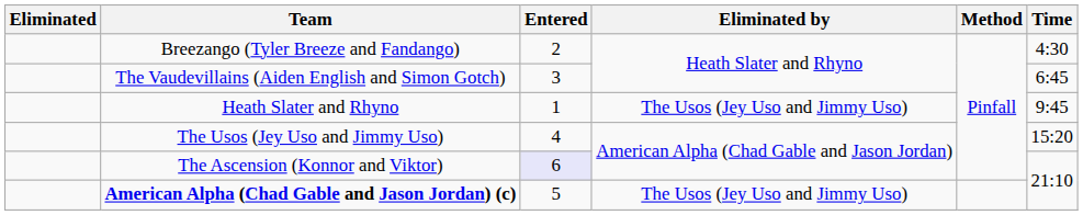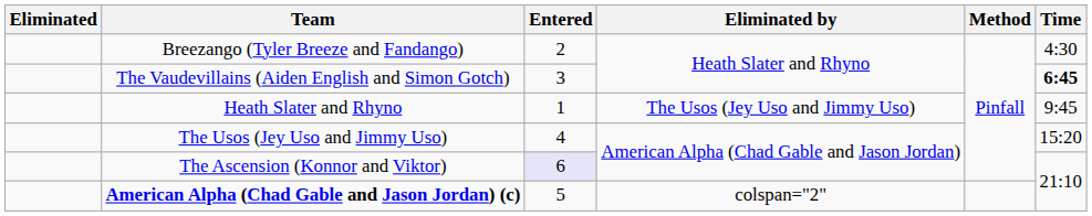 <table class="wikitable sortable" style="text-align:center;">
 <tr>
 <th>Eliminated</th>
 <th>Team</th>
 <th>Entered</th>
 <th>Eliminated by</th>
 <th>Method</th>
 <th>Time</th>
 </tr>
 <tr>
 <td></td>
 <td>Breezango (<a href='#'>Tyler Breeze</a> and <a href='#'>Fandango</a>)</td>
 <td>2</td>
 <td rowspan=2><a href='#'>Heath Slater</a> and <a href='#'>Rhyno</a></td>
 <td rowspan=5><a href='#'>Pinfall</a></td>
 <td>4:30</td>
 </tr>
 <tr>
 <td></td>
 <td><a href='#'>The Vaudevillains</a> (<a href='#'>Aiden English</a> and <a href='#'>Simon Gotch</a>)</td>
 <td>3</td>
-<td>6:45</td>
+<td><strong>6:45</strong></td>
 </tr>
 <tr>
 <td></td>
 <td><a href='#'>Heath Slater</a> and <a href='#'>Rhyno</a></td>
 <td>1</td>
 <td><a href='#'>The Usos</a> (<a href='#'>Jey Uso</a> and <a href='#'>Jimmy Uso</a>)</td>
 <td>9:45</td>
 </tr>
 <tr>
 <td></td>
 <td><a href='#'>The Usos</a> (<a href='#'>Jey Uso</a> and <a href='#'>Jimmy Uso</a>)</td>
 <td>4</td>
 <td rowspan=2><a href='#'>American Alpha</a> (<a href='#'>Chad Gable</a> and <a href='#'>Jason Jordan</a>)</td>
 <td>15:20</td>
 </tr>
 <tr>
 <td></td>
 <td><a href='#'>The Ascension</a> (<a href='#'>Konnor</a> and <a href='#'>Viktor</a>)</td>
 <td style="background: lavender;">6</td>
 <td rowspan=2>21:10</td>
 </tr>
 <tr>
 <td><strong></strong></td>
 <td><strong><a href='#'>American Alpha</a> (<a href='#'>Chad Gable</a> and <a href='#'>Jason Jordan</a>) (c)</strong></td>
 <td>5</td>
-<td><a href='#'>The Usos</a> (<a href='#'>Jey Uso</a> and <a href='#'>Jimmy Uso</a>)</td>
+<td>colspan="2" </td>
 </tr>
 </table>
